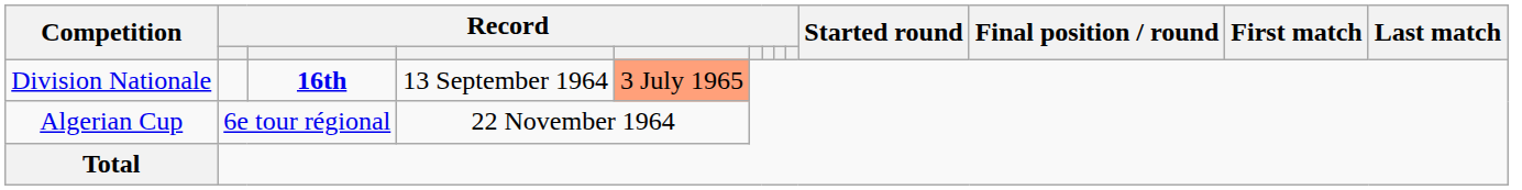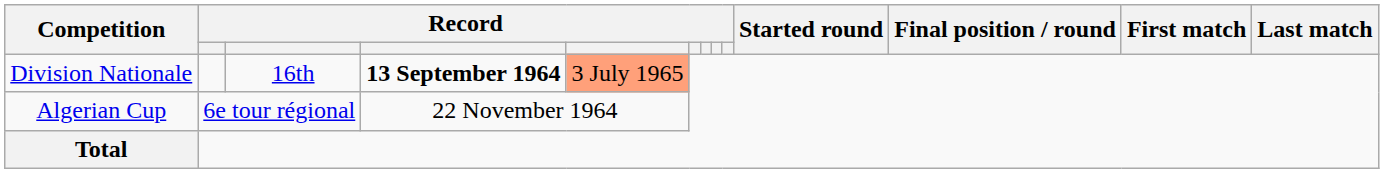 <table class="wikitable" style="text-align: center">
 <tr>
 <th rowspan=2>Competition</th>
 <th colspan=8>Record</th>
 <th rowspan=2>Started round</th>
 <th rowspan=2>Final position / round</th>
 <th rowspan=2>First match</th>
 <th rowspan=2>Last match</th>
 </tr>
 <tr>
 <th></th>
 <th></th>
 <th></th>
 <th></th>
 <th></th>
 <th></th>
 <th></th>
 <th></th>
 </tr>
 <tr>
 <td><a href='#'>Division Nationale</a><br></td>
 <td></td>
-<td><strong><a href='#'>16th</a></strong></td>
-<td>13 September 1964</td>
+<td><a href='#'>16th</a></td>
+<td><strong>13 September 1964</strong></td>
 <td style="background: lightsalmon;">3 July 1965</td>
 </tr>
 <tr>
 <td><a href='#'>Algerian Cup</a><br></td>
 <td colspan=2><a href='#'>6e tour régional</a></td>
 <td colspan=2>22 November 1964</td>
 </tr>
 <tr>
 <th>Total<br></th>
 </tr>
 </table>
